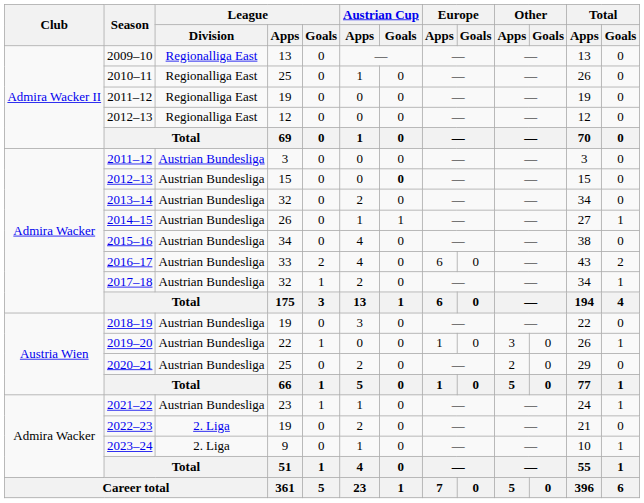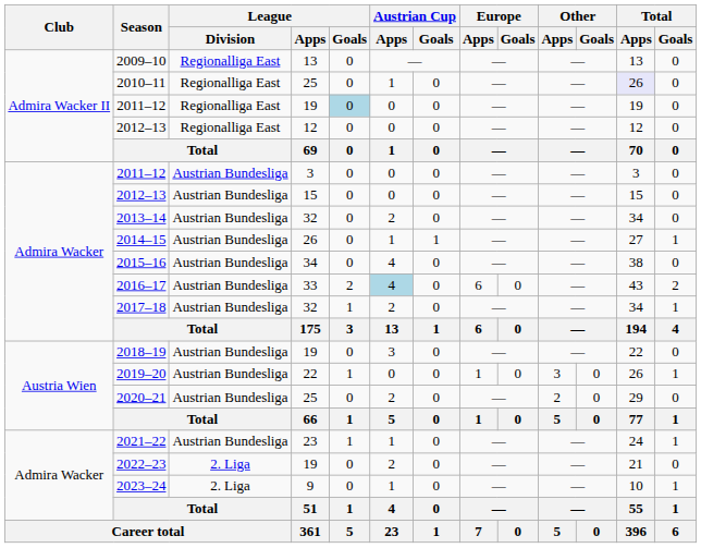 <table class="wikitable" style="text-align:center">
 <tr>
 <th rowspan="2">Club</th>
 <th rowspan="2">Season</th>
 <th colspan="3">League</th>
 <th colspan="2"><a href='#'>Austrian Cup</a></th>
 <th colspan="2">Europe</th>
 <th colspan="2">Other</th>
 <th colspan="2">Total</th>
 </tr>
 <tr>
 <th>Division</th>
 <th>Apps</th>
 <th>Goals</th>
 <th>Apps</th>
 <th>Goals</th>
 <th>Apps</th>
 <th>Goals</th>
 <th>Apps</th>
 <th>Goals</th>
 <th>Apps</th>
 <th>Goals</th>
 </tr>
 <tr>
 <td rowspan="5"><a href='#'>Admira Wacker II</a></td>
 <td>2009–10</td>
 <td><a href='#'>Regionalliga East</a></td>
 <td>13</td>
 <td>0</td>
 <td colspan="2">—</td>
 <td colspan="2">—</td>
 <td colspan="2">—</td>
 <td>13</td>
 <td>0</td>
 </tr>
 <tr>
 <td>2010–11</td>
 <td>Regionalliga East</td>
 <td>25</td>
 <td>0</td>
 <td>1</td>
 <td>0</td>
 <td colspan="2">—</td>
 <td colspan="2">—</td>
-<td>26</td>
+<td style="background: lavender;">26</td>
 <td>0</td>
 </tr>
 <tr>
 <td>2011–12</td>
 <td>Regionalliga East</td>
 <td>19</td>
-<td>0</td>
+<td style="background: lightblue;">0</td>
 <td>0</td>
 <td>0</td>
 <td colspan="2">—</td>
 <td colspan="2">—</td>
 <td>19</td>
 <td>0</td>
 </tr>
 <tr>
 <td>2012–13</td>
 <td>Regionalliga East</td>
 <td>12</td>
 <td>0</td>
 <td>0</td>
 <td>0</td>
 <td colspan="2">—</td>
 <td colspan="2">—</td>
 <td>12</td>
 <td>0</td>
 </tr>
 <tr>
 <th colspan="2">Total</th>
 <th>69</th>
 <th>0</th>
 <th>1</th>
 <th>0</th>
 <th colspan="2">—</th>
 <th colspan="2">—</th>
 <th>70</th>
 <th>0</th>
 </tr>
 <tr>
 <td rowspan="8"><a href='#'>Admira Wacker</a></td>
 <td><a href='#'>2011–12</a></td>
 <td><a href='#'>Austrian Bundesliga</a></td>
 <td>3</td>
 <td>0</td>
 <td>0</td>
 <td>0</td>
 <td colspan="2">—</td>
 <td colspan="2">—</td>
 <td>3</td>
 <td>0</td>
 </tr>
 <tr>
 <td><a href='#'>2012–13</a></td>
 <td>Austrian Bundesliga</td>
 <td>15</td>
 <td>0</td>
 <td>0</td>
-<td><strong>0</strong></td>
+<td>0</td>
 <td colspan="2">—</td>
 <td colspan="2">—</td>
 <td>15</td>
 <td>0</td>
 </tr>
 <tr>
 <td><a href='#'>2013–14</a></td>
 <td>Austrian Bundesliga</td>
 <td>32</td>
 <td>0</td>
 <td>2</td>
 <td>0</td>
 <td colspan="2">—</td>
 <td colspan="2">—</td>
 <td>34</td>
 <td>0</td>
 </tr>
 <tr>
 <td><a href='#'>2014–15</a></td>
 <td>Austrian Bundesliga</td>
 <td>26</td>
 <td>0</td>
 <td>1</td>
 <td>1</td>
 <td colspan="2">—</td>
 <td colspan="2">—</td>
 <td>27</td>
 <td>1</td>
 </tr>
 <tr>
 <td><a href='#'>2015–16</a></td>
 <td>Austrian Bundesliga</td>
 <td>34</td>
 <td>0</td>
 <td>4</td>
 <td>0</td>
 <td colspan="2">—</td>
 <td colspan="2">—</td>
 <td>38</td>
 <td>0</td>
 </tr>
 <tr>
 <td><a href='#'>2016–17</a></td>
 <td>Austrian Bundesliga</td>
 <td>33</td>
 <td>2</td>
-<td>4</td>
+<td style="background: lightblue;">4</td>
 <td>0</td>
 <td>6</td>
 <td>0</td>
 <td colspan="2">—</td>
 <td>43</td>
 <td>2</td>
 </tr>
 <tr>
 <td><a href='#'>2017–18</a></td>
 <td>Austrian Bundesliga</td>
 <td>32</td>
 <td>1</td>
 <td>2</td>
 <td>0</td>
 <td colspan="2">—</td>
 <td colspan="2">—</td>
 <td>34</td>
 <td>1</td>
 </tr>
 <tr>
 <th colspan="2">Total</th>
 <th>175</th>
 <th>3</th>
 <th>13</th>
 <th>1</th>
 <th>6</th>
 <th>0</th>
 <th colspan="2">—</th>
 <th>194</th>
 <th>4</th>
 </tr>
 <tr>
 <td rowspan="4"><a href='#'>Austria Wien</a></td>
 <td><a href='#'>2018–19</a></td>
 <td>Austrian Bundesliga</td>
 <td>19</td>
 <td>0</td>
 <td>3</td>
 <td>0</td>
 <td colspan="2">—</td>
 <td colspan="2">—</td>
 <td>22</td>
 <td>0</td>
 </tr>
 <tr>
 <td><a href='#'>2019–20</a></td>
 <td>Austrian Bundesliga</td>
 <td>22</td>
 <td>1</td>
 <td>0</td>
 <td>0</td>
 <td>1</td>
 <td>0</td>
 <td>3</td>
 <td>0</td>
 <td>26</td>
 <td>1</td>
 </tr>
 <tr>
 <td><a href='#'>2020–21</a></td>
 <td>Austrian Bundesliga</td>
 <td>25</td>
 <td>0</td>
 <td>2</td>
 <td>0</td>
 <td colspan="2">—</td>
 <td>2</td>
 <td>0</td>
 <td>29</td>
 <td>0</td>
 </tr>
 <tr>
 <th colspan="2">Total</th>
 <th>66</th>
 <th>1</th>
 <th>5</th>
 <th>0</th>
 <th>1</th>
 <th>0</th>
 <th>5</th>
 <th>0</th>
 <th>77</th>
 <th>1</th>
 </tr>
 <tr>
 <td rowspan="4">Admira Wacker</td>
 <td><a href='#'>2021–22</a></td>
 <td>Austrian Bundesliga</td>
 <td>23</td>
 <td>1</td>
 <td>1</td>
 <td>0</td>
 <td colspan="2">—</td>
 <td colspan="2">—</td>
 <td>24</td>
 <td>1</td>
 </tr>
 <tr>
 <td><a href='#'>2022–23</a></td>
 <td><a href='#'>2. Liga</a></td>
 <td>19</td>
 <td>0</td>
 <td>2</td>
 <td>0</td>
 <td colspan="2">—</td>
 <td colspan="2">—</td>
 <td>21</td>
 <td>0</td>
 </tr>
 <tr>
 <td><a href='#'>2023–24</a></td>
 <td>2. Liga</td>
 <td>9</td>
 <td>0</td>
 <td>1</td>
 <td>0</td>
 <td colspan="2">—</td>
 <td colspan="2">—</td>
 <td>10</td>
 <td>1</td>
 </tr>
 <tr>
 <th colspan="2">Total</th>
 <th>51</th>
 <th>1</th>
 <th>4</th>
 <th>0</th>
 <th colspan="2">—</th>
 <th colspan="2">—</th>
 <th>55</th>
 <th>1</th>
 </tr>
 <tr>
 <th colspan="3">Career total</th>
 <th>361</th>
 <th>5</th>
 <th>23</th>
 <th>1</th>
 <th>7</th>
 <th>0</th>
 <th>5</th>
 <th>0</th>
 <th>396</th>
 <th>6</th>
 </tr>
 </table>
